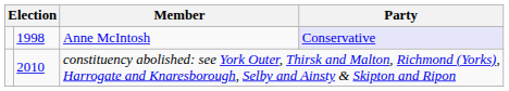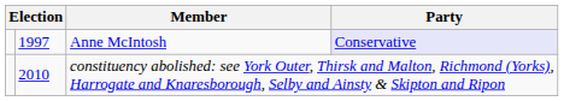 <table class="wikitable">
 <tr>
 <th colspan="2">Election</th>
 <th>Member </th>
 <th>Party</th>
 </tr>
 <tr>
 <td style="color:inherit;background-color: "></td>
-<td><a href='#'>1998</a></td>
+<td><a href='#'>1997</a></td>
 <td><a href='#'>Anne McIntosh</a></td>
 <td style="background: lavender;"><a href='#'>Conservative</a></td>
 </tr>
 <tr>
 <td></td>
 <td><a href='#'>2010</a></td>
 <td colspan="2"><em>constituency abolished: see <a href='#'>York Outer</a>, <a href='#'>Thirsk and Malton</a>, <a href='#'>Richmond (Yorks)</a>, <br><a href='#'>Harrogate and Knaresborough</a>, <a href='#'>Selby and Ainsty</a> & <a href='#'>Skipton and Ripon</a></em></td>
 </tr>
 </table>
